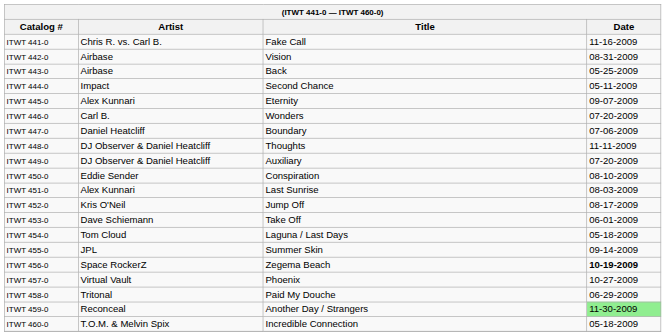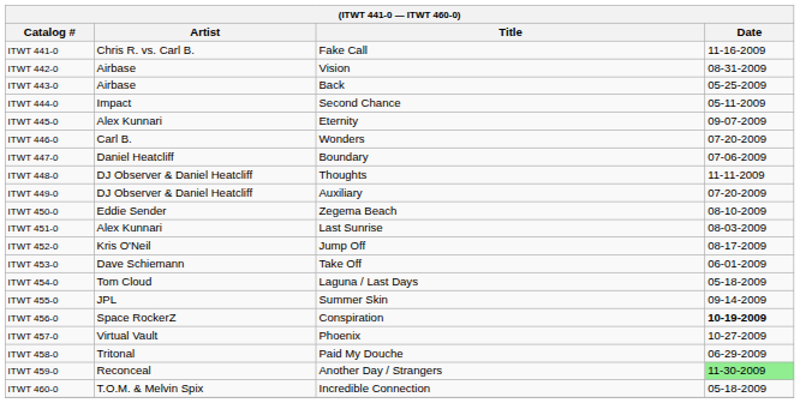 <table width="80%" class="wikitable collapsible collapsed" style="font-size:92%;position:relative;">
 <tr>
 <th colspan="5"><small>(ITWT 441-0 — ITWT 460-0)</small></th>
 </tr>
 <tr>
 <th width="8%">Catalog #</th>
 <th width="20%">Artist</th>
 <th width="35%">Title</th>
 <th width="8%">Date</th>
 </tr>
 <tr>
 <td><small>ITWT 441-0</small></td>
 <td>Chris R. vs. Carl B.</td>
 <td>Fake Call</td>
 <td>11-16-2009</td>
 </tr>
 <tr>
 <td><small>ITWT 442-0</small></td>
 <td>Airbase</td>
 <td>Vision</td>
 <td>08-31-2009</td>
 </tr>
 <tr>
 <td><small>ITWT 443-0</small></td>
 <td>Airbase</td>
 <td>Back</td>
 <td>05-25-2009</td>
 </tr>
 <tr>
 <td><small>ITWT 444-0</small></td>
 <td>Impact</td>
 <td>Second Chance</td>
 <td>05-11-2009</td>
 </tr>
 <tr>
 <td><small>ITWT 445-0</small></td>
 <td>Alex Kunnari</td>
 <td>Eternity</td>
 <td>09-07-2009</td>
 </tr>
 <tr>
 <td><small>ITWT 446-0</small></td>
 <td>Carl B.</td>
 <td>Wonders</td>
 <td>07-20-2009</td>
 </tr>
 <tr>
 <td><small>ITWT 447-0</small></td>
 <td>Daniel Heatcliff</td>
 <td>Boundary</td>
 <td>07-06-2009</td>
 </tr>
 <tr>
 <td><small>ITWT 448-0</small></td>
 <td>DJ Observer & Daniel Heatcliff</td>
 <td>Thoughts</td>
 <td>11-11-2009</td>
 </tr>
 <tr>
 <td><small>ITWT 449-0</small></td>
 <td>DJ Observer & Daniel Heatcliff</td>
 <td>Auxiliary</td>
 <td>07-20-2009</td>
 </tr>
 <tr>
 <td><small>ITWT 450-0</small></td>
 <td>Eddie Sender</td>
-<td>Conspiration</td>
+<td>Zegema Beach</td>
 <td>08-10-2009</td>
 </tr>
 <tr>
 <td><small>ITWT 451-0</small></td>
 <td>Alex Kunnari</td>
 <td>Last Sunrise</td>
 <td>08-03-2009</td>
 </tr>
 <tr>
 <td><small>ITWT 452-0</small></td>
 <td>Kris O'Neil</td>
 <td>Jump Off</td>
 <td>08-17-2009</td>
 </tr>
 <tr>
 <td><small>ITWT 453-0</small></td>
 <td>Dave Schiemann</td>
 <td>Take Off</td>
 <td>06-01-2009</td>
 </tr>
 <tr>
 <td><small>ITWT 454-0</small></td>
 <td>Tom Cloud</td>
 <td>Laguna / Last Days</td>
 <td>05-18-2009</td>
 </tr>
 <tr>
 <td><small>ITWT 455-0</small></td>
 <td>JPL</td>
 <td>Summer Skin</td>
 <td>09-14-2009</td>
 </tr>
 <tr>
 <td><small>ITWT 456-0</small></td>
 <td>Space RockerZ</td>
-<td>Zegema Beach</td>
+<td>Conspiration</td>
 <td><strong>10-19-2009</strong></td>
 </tr>
 <tr>
 <td><small>ITWT 457-0</small></td>
 <td>Virtual Vault</td>
 <td>Phoenix</td>
 <td>10-27-2009</td>
 </tr>
 <tr>
 <td><small>ITWT 458-0</small></td>
 <td>Tritonal</td>
 <td>Paid My Douche</td>
 <td>06-29-2009</td>
 </tr>
 <tr>
 <td><small>ITWT 459-0</small></td>
 <td>Reconceal</td>
 <td>Another Day / Strangers</td>
 <td style="background: lightgreen;">11-30-2009</td>
 </tr>
 <tr>
 <td><small>ITWT 460-0</small></td>
 <td>T.O.M. & Melvin Spix</td>
 <td>Incredible Connection</td>
 <td>05-18-2009</td>
 </tr>
 <tr>
 </tr>
 </table>
